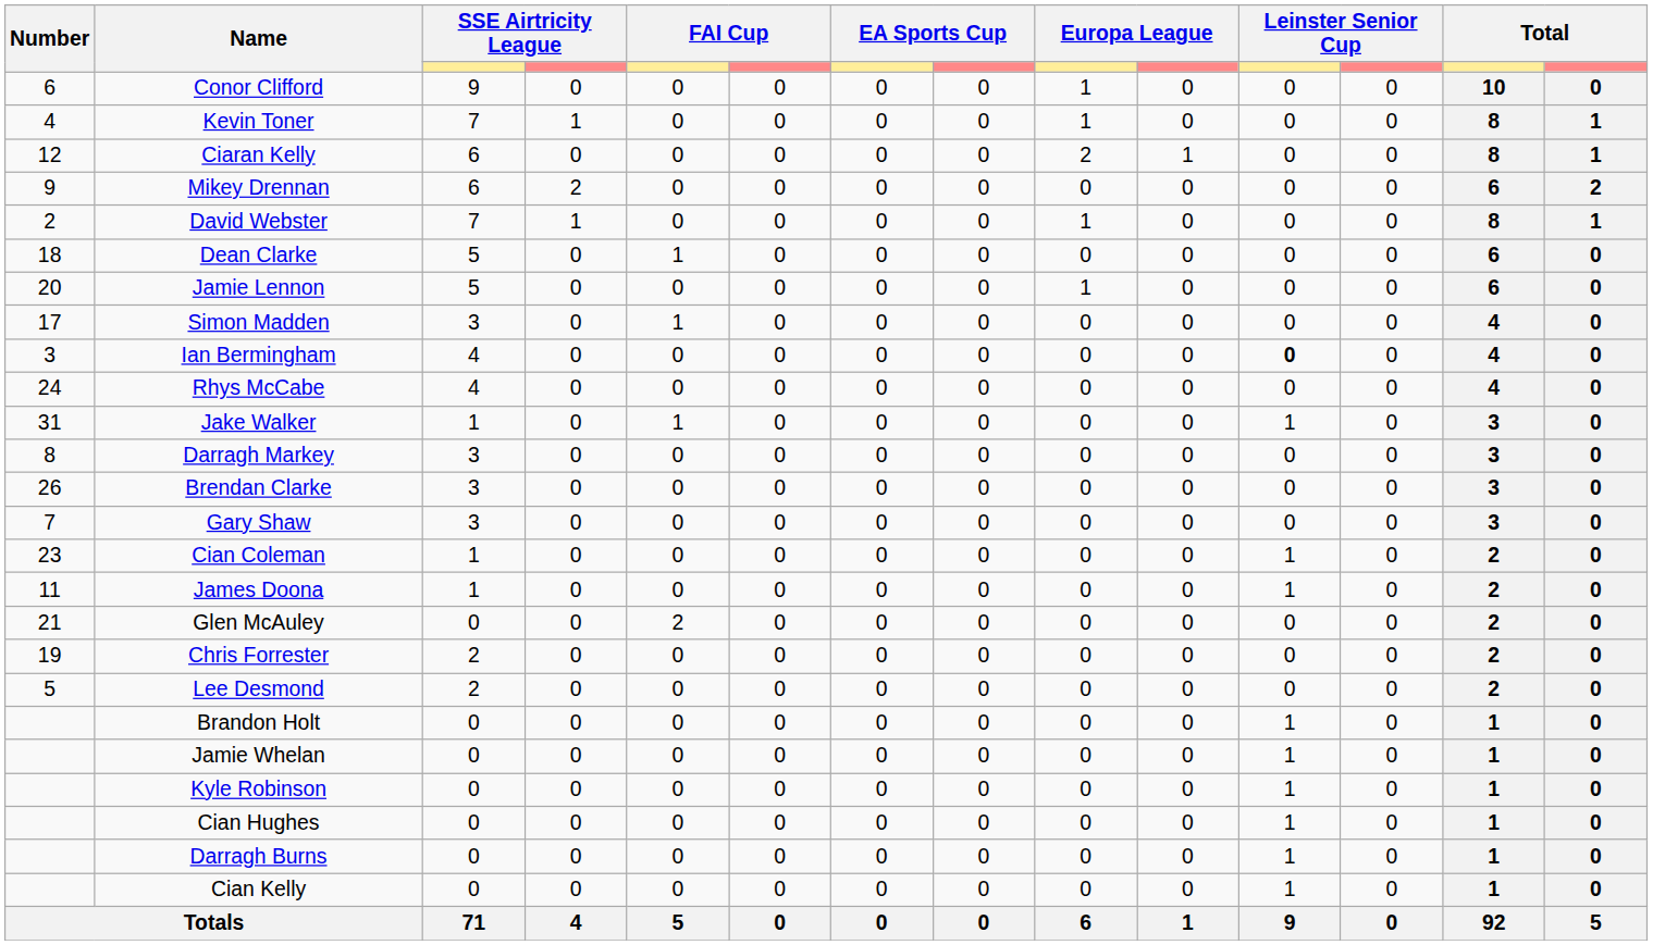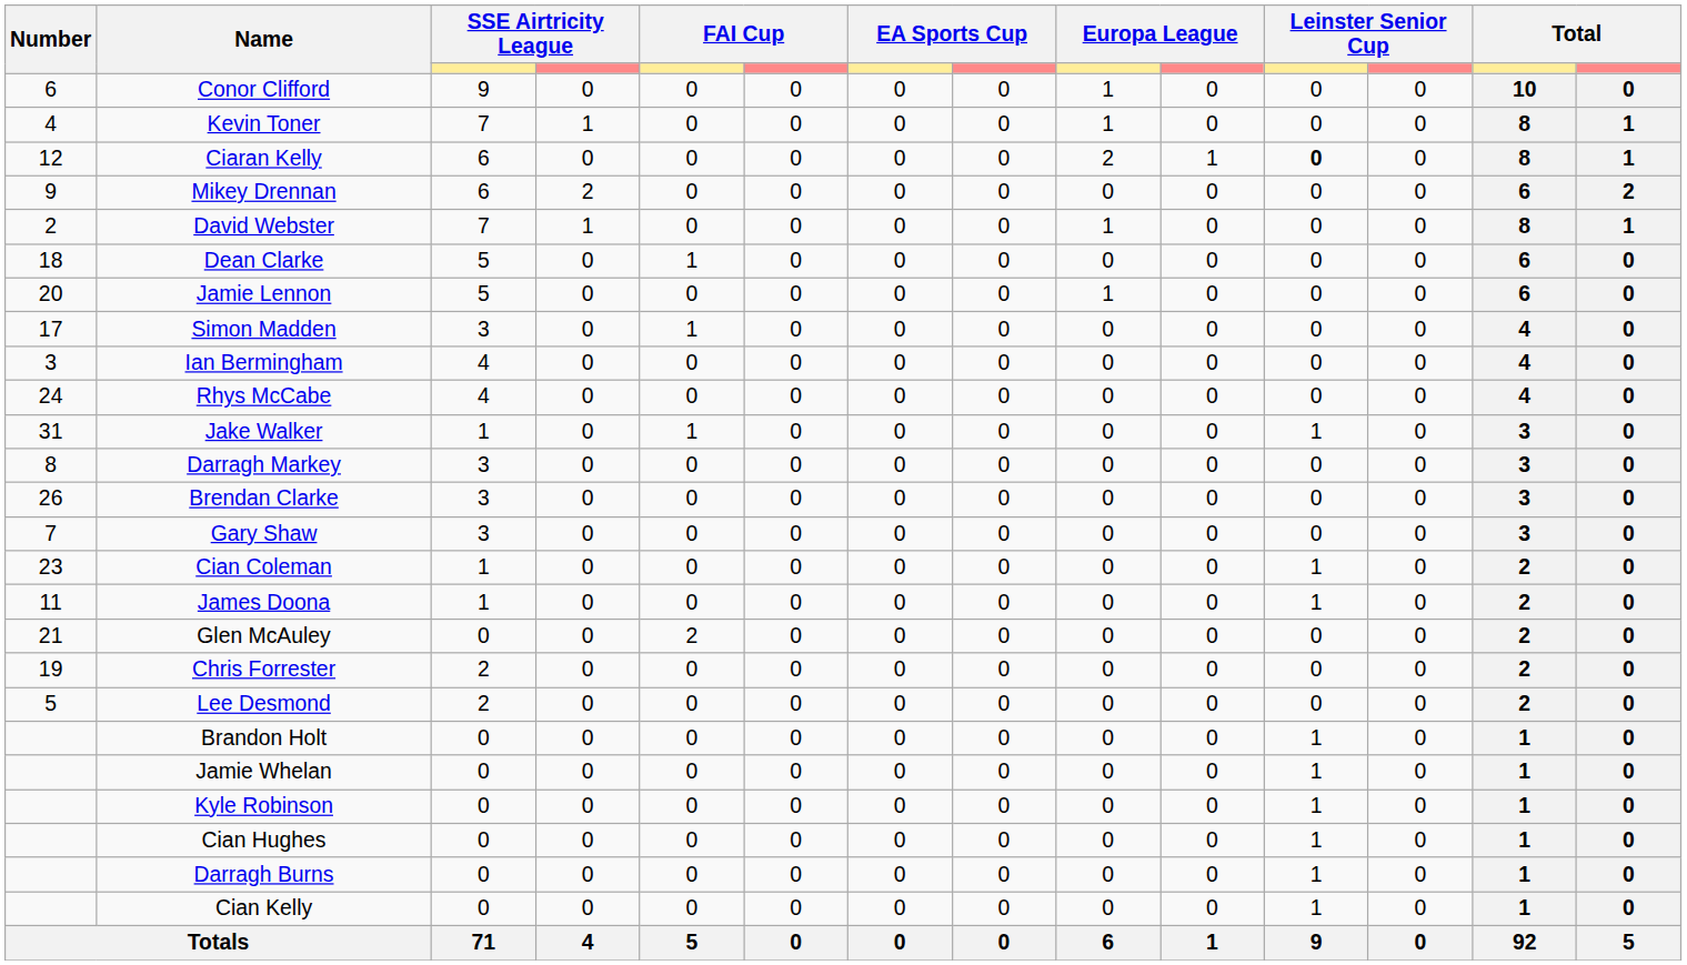 <table class="wikitable" style="text-align:center">
 <tr>
 <th rowspan="2" style="width:5%">Number</th>
 <th rowspan="2" style="width:20%">Name</th>
 <th colspan="2"><a href='#'>SSE Airtricity League</a></th>
 <th colspan="2"><a href='#'>FAI Cup</a></th>
 <th colspan="2"><a href='#'>EA Sports Cup</a></th>
 <th colspan="2"><a href='#'>Europa League</a></th>
 <th colspan="2"><a href='#'>Leinster Senior Cup</a></th>
 <th colspan="2">Total</th>
 </tr>
 <tr>
 <th style="width:60px;background:#fe9"></th>
 <th style="width:60px;background:#f88"></th>
 <th style="width:60px;background:#fe9"></th>
 <th style="width:60px;background:#f88"></th>
 <th style="width:60px;background:#fe9"></th>
 <th style="width:60px;background:#f88"></th>
 <th style="width:60px;background:#fe9"></th>
 <th style="width:60px;background:#f88"></th>
 <th style="width:60px;background:#fe9"></th>
 <th style="width:60px;background:#f88"></th>
 <th style="width:60px;background:#fe9"></th>
 <th style="width:60px;background:#f88"></th>
 </tr>
 <tr>
 <td>6</td>
 <td><a href='#'>Conor Clifford</a></td>
 <td>9</td>
 <td>0</td>
 <td>0</td>
 <td>0</td>
 <td>0</td>
 <td>0</td>
 <td>1</td>
 <td>0</td>
 <td>0</td>
 <td>0</td>
 <th>10</th>
 <th>0</th>
 </tr>
 <tr>
 <td>4</td>
 <td><a href='#'>Kevin Toner</a></td>
 <td>7</td>
 <td>1</td>
 <td>0</td>
 <td>0</td>
 <td>0</td>
 <td>0</td>
 <td>1</td>
 <td>0</td>
 <td>0</td>
 <td>0</td>
 <th>8</th>
 <th>1</th>
 </tr>
 <tr>
 <td>12</td>
 <td><a href='#'>Ciaran Kelly</a></td>
 <td>6</td>
 <td>0</td>
 <td>0</td>
 <td>0</td>
 <td>0</td>
 <td>0</td>
 <td>2</td>
 <td>1</td>
-<td>0</td>
+<td><strong>0</strong></td>
 <td>0</td>
 <th>8</th>
 <th>1</th>
 </tr>
 <tr>
 <td>9</td>
 <td><a href='#'>Mikey Drennan</a></td>
 <td>6</td>
 <td>2</td>
 <td>0</td>
 <td>0</td>
 <td>0</td>
 <td>0</td>
 <td>0</td>
 <td>0</td>
 <td>0</td>
 <td>0</td>
 <th>6</th>
 <th>2</th>
 </tr>
 <tr>
 <td>2</td>
 <td><a href='#'>David Webster</a></td>
 <td>7</td>
 <td>1</td>
 <td>0</td>
 <td>0</td>
 <td>0</td>
 <td>0</td>
 <td>1</td>
 <td>0</td>
 <td>0</td>
 <td>0</td>
 <th>8</th>
 <th>1</th>
 </tr>
 <tr>
 <td>18</td>
 <td><a href='#'>Dean Clarke</a></td>
 <td>5</td>
 <td>0</td>
 <td>1</td>
 <td>0</td>
 <td>0</td>
 <td>0</td>
 <td>0</td>
 <td>0</td>
 <td>0</td>
 <td>0</td>
 <th>6</th>
 <th>0</th>
 </tr>
 <tr>
 <td>20</td>
 <td><a href='#'>Jamie Lennon</a></td>
 <td>5</td>
 <td>0</td>
 <td>0</td>
 <td>0</td>
 <td>0</td>
 <td>0</td>
 <td>1</td>
 <td>0</td>
 <td>0</td>
 <td>0</td>
 <th>6</th>
 <th>0</th>
 </tr>
 <tr>
 <td>17</td>
 <td><a href='#'>Simon Madden</a></td>
 <td>3</td>
 <td>0</td>
 <td>1</td>
 <td>0</td>
 <td>0</td>
 <td>0</td>
 <td>0</td>
 <td>0</td>
 <td>0</td>
 <td>0</td>
 <th>4</th>
 <th>0</th>
 </tr>
 <tr>
 <td>3</td>
 <td><a href='#'>Ian Bermingham</a></td>
 <td>4</td>
 <td>0</td>
 <td>0</td>
 <td>0</td>
 <td>0</td>
 <td>0</td>
 <td>0</td>
 <td>0</td>
-<td><strong>0</strong></td>
+<td>0</td>
 <td>0</td>
 <th>4</th>
 <th>0</th>
 </tr>
 <tr>
 <td>24</td>
 <td><a href='#'>Rhys McCabe</a></td>
 <td>4</td>
 <td>0</td>
 <td>0</td>
 <td>0</td>
 <td>0</td>
 <td>0</td>
 <td>0</td>
 <td>0</td>
 <td>0</td>
 <td>0</td>
 <th>4</th>
 <th>0</th>
 </tr>
 <tr>
 <td>31</td>
 <td><a href='#'>Jake Walker</a></td>
 <td>1</td>
 <td>0</td>
 <td>1</td>
 <td>0</td>
 <td>0</td>
 <td>0</td>
 <td>0</td>
 <td>0</td>
 <td>1</td>
 <td>0</td>
 <th>3</th>
 <th>0</th>
 </tr>
 <tr>
 <td>8</td>
 <td><a href='#'>Darragh Markey</a></td>
 <td>3</td>
 <td>0</td>
 <td>0</td>
 <td>0</td>
 <td>0</td>
 <td>0</td>
 <td>0</td>
 <td>0</td>
 <td>0</td>
 <td>0</td>
 <th>3</th>
 <th>0</th>
 </tr>
 <tr>
 <td>26</td>
 <td><a href='#'>Brendan Clarke</a></td>
 <td>3</td>
 <td>0</td>
 <td>0</td>
 <td>0</td>
 <td>0</td>
 <td>0</td>
 <td>0</td>
 <td>0</td>
 <td>0</td>
 <td>0</td>
 <th>3</th>
 <th>0</th>
 </tr>
 <tr>
 <td>7</td>
 <td><a href='#'>Gary Shaw</a></td>
 <td>3</td>
 <td>0</td>
 <td>0</td>
 <td>0</td>
 <td>0</td>
 <td>0</td>
 <td>0</td>
 <td>0</td>
 <td>0</td>
 <td>0</td>
 <th>3</th>
 <th>0</th>
 </tr>
 <tr>
 <td>23</td>
 <td><a href='#'>Cian Coleman</a></td>
 <td>1</td>
 <td>0</td>
 <td>0</td>
 <td>0</td>
 <td>0</td>
 <td>0</td>
 <td>0</td>
 <td>0</td>
 <td>1</td>
 <td>0</td>
 <th>2</th>
 <th>0</th>
 </tr>
 <tr>
 <td>11</td>
 <td><a href='#'>James Doona</a></td>
 <td>1</td>
 <td>0</td>
 <td>0</td>
 <td>0</td>
 <td>0</td>
 <td>0</td>
 <td>0</td>
 <td>0</td>
 <td>1</td>
 <td>0</td>
 <th>2</th>
 <th>0</th>
 </tr>
 <tr>
 <td>21</td>
 <td>Glen McAuley</td>
 <td>0</td>
 <td>0</td>
 <td>2</td>
 <td>0</td>
 <td>0</td>
 <td>0</td>
 <td>0</td>
 <td>0</td>
 <td>0</td>
 <td>0</td>
 <th>2</th>
 <th>0</th>
 </tr>
 <tr>
 <td>19</td>
 <td><a href='#'>Chris Forrester</a></td>
 <td>2</td>
 <td>0</td>
 <td>0</td>
 <td>0</td>
 <td>0</td>
 <td>0</td>
 <td>0</td>
 <td>0</td>
 <td>0</td>
 <td>0</td>
 <th>2</th>
 <th>0</th>
 </tr>
 <tr>
 <td>5</td>
 <td><a href='#'>Lee Desmond</a></td>
 <td>2</td>
 <td>0</td>
 <td>0</td>
 <td>0</td>
 <td>0</td>
 <td>0</td>
 <td>0</td>
 <td>0</td>
 <td>0</td>
 <td>0</td>
 <th>2</th>
 <th>0</th>
 </tr>
 <tr>
 <td></td>
 <td>Brandon Holt</td>
 <td>0</td>
 <td>0</td>
 <td>0</td>
 <td>0</td>
 <td>0</td>
 <td>0</td>
 <td>0</td>
 <td>0</td>
 <td>1</td>
 <td>0</td>
 <th>1</th>
 <th>0</th>
 </tr>
 <tr>
 <td></td>
 <td>Jamie Whelan</td>
 <td>0</td>
 <td>0</td>
 <td>0</td>
 <td>0</td>
 <td>0</td>
 <td>0</td>
 <td>0</td>
 <td>0</td>
 <td>1</td>
 <td>0</td>
 <th>1</th>
 <th>0</th>
 </tr>
 <tr>
 <td></td>
 <td><a href='#'>Kyle Robinson</a></td>
 <td>0</td>
 <td>0</td>
 <td>0</td>
 <td>0</td>
 <td>0</td>
 <td>0</td>
 <td>0</td>
 <td>0</td>
 <td>1</td>
 <td>0</td>
 <th>1</th>
 <th>0</th>
 </tr>
 <tr>
 <td></td>
 <td>Cian Hughes</td>
 <td>0</td>
 <td>0</td>
 <td>0</td>
 <td>0</td>
 <td>0</td>
 <td>0</td>
 <td>0</td>
 <td>0</td>
 <td>1</td>
 <td>0</td>
 <th>1</th>
 <th>0</th>
 </tr>
 <tr>
 <td></td>
 <td><a href='#'>Darragh Burns</a></td>
 <td>0</td>
 <td>0</td>
 <td>0</td>
 <td>0</td>
 <td>0</td>
 <td>0</td>
 <td>0</td>
 <td>0</td>
 <td>1</td>
 <td>0</td>
 <th>1</th>
 <th>0</th>
 </tr>
 <tr>
 <td></td>
 <td>Cian Kelly</td>
 <td>0</td>
 <td>0</td>
 <td>0</td>
 <td>0</td>
 <td>0</td>
 <td>0</td>
 <td>0</td>
 <td>0</td>
 <td>1</td>
 <td>0</td>
 <th>1</th>
 <th>0</th>
 </tr>
 <tr>
 <th colspan="2">Totals</th>
 <th>71</th>
 <th>4</th>
 <th>5</th>
 <th>0</th>
 <th>0</th>
 <th>0</th>
 <th>6</th>
 <th>1</th>
 <th>9</th>
 <th>0</th>
 <th>92</th>
 <th>5</th>
 </tr>
 </table>
